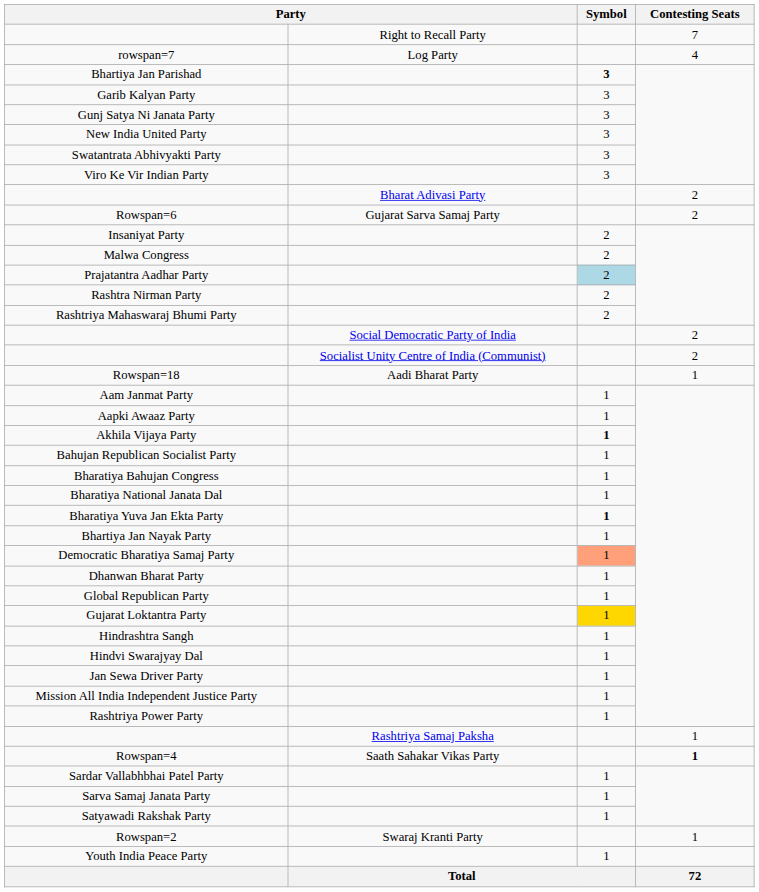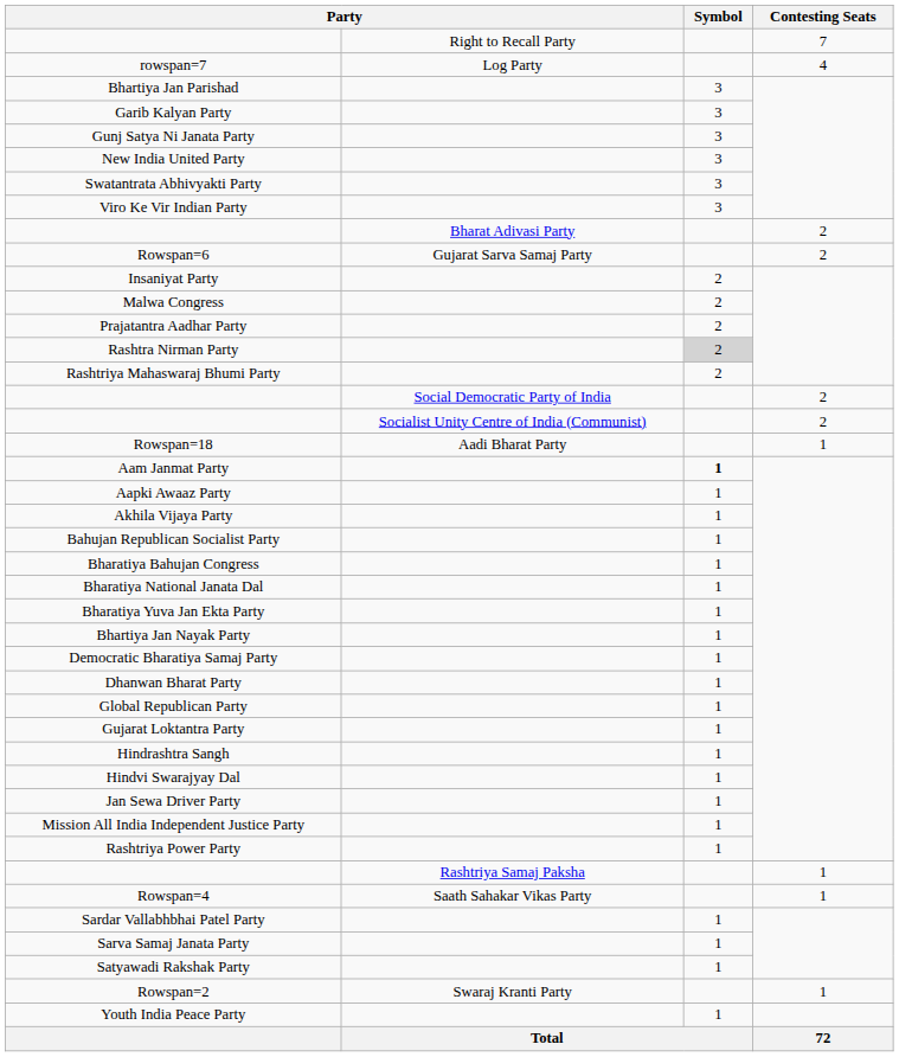 <table class="wikitable " width="60%" style="text-align:center">
 <tr>
 <th colspan="2">Party</th>
 <th>Symbol</th>
 <th>Contesting Seats</th>
 </tr>
 <tr>
 <td></td>
 <td>Right to Recall Party</td>
 <td></td>
 <td>7</td>
 </tr>
 <tr>
 <td>rowspan=7 </td>
 <td>Log Party</td>
 <td></td>
 <td>4</td>
 </tr>
 <tr>
 <td>Bhartiya Jan Parishad</td>
 <td></td>
-<td><strong>3</strong></td>
+<td>3</td>
 </tr>
 <tr>
 <td>Garib Kalyan Party</td>
 <td></td>
 <td>3</td>
 </tr>
 <tr>
 <td>Gunj Satya Ni Janata Party</td>
 <td></td>
 <td>3</td>
 </tr>
 <tr>
 <td>New India United Party</td>
 <td></td>
 <td>3</td>
 </tr>
 <tr>
 <td>Swatantrata Abhivyakti Party</td>
 <td></td>
 <td>3</td>
 </tr>
 <tr>
 <td>Viro Ke Vir Indian Party</td>
 <td></td>
 <td>3</td>
 </tr>
 <tr>
 <td></td>
 <td><a href='#'>Bharat Adivasi Party</a></td>
 <td></td>
 <td>2</td>
 </tr>
 <tr>
 <td>Rowspan=6 </td>
 <td>Gujarat Sarva Samaj Party</td>
 <td></td>
 <td>2</td>
 </tr>
 <tr>
 <td>Insaniyat Party</td>
 <td></td>
 <td>2</td>
 </tr>
 <tr>
 <td>Malwa Congress</td>
 <td></td>
 <td>2</td>
 </tr>
 <tr>
 <td>Prajatantra Aadhar Party</td>
 <td></td>
-<td style="background: lightblue;">2</td>
+<td>2</td>
 </tr>
 <tr>
 <td>Rashtra Nirman Party</td>
 <td></td>
-<td>2</td>
+<td style="background: lightgrey;">2</td>
 </tr>
 <tr>
 <td>Rashtriya Mahaswaraj Bhumi Party</td>
 <td></td>
 <td>2</td>
 </tr>
 <tr>
 <td></td>
 <td><a href='#'>Social Democratic Party of India</a></td>
 <td></td>
 <td>2</td>
 </tr>
 <tr>
 <td></td>
 <td><a href='#'>Socialist Unity Centre of India (Communist)</a></td>
 <td></td>
 <td>2</td>
 </tr>
 <tr>
 <td>Rowspan=18 </td>
 <td>Aadi Bharat Party</td>
 <td></td>
 <td>1</td>
 </tr>
 <tr>
 <td>Aam Janmat Party</td>
 <td></td>
-<td>1</td>
+<td><strong>1</strong></td>
 </tr>
 <tr>
 <td>Aapki Awaaz Party</td>
 <td></td>
 <td>1</td>
 </tr>
 <tr>
 <td>Akhila Vijaya Party</td>
 <td></td>
-<td><strong>1</strong></td>
+<td>1</td>
 </tr>
 <tr>
 <td>Bahujan Republican Socialist Party</td>
 <td></td>
 <td>1</td>
 </tr>
 <tr>
 <td>Bharatiya Bahujan Congress</td>
 <td></td>
 <td>1</td>
 </tr>
 <tr>
 <td>Bharatiya National Janata Dal</td>
 <td></td>
 <td>1</td>
 </tr>
 <tr>
 <td>Bharatiya Yuva Jan Ekta Party</td>
 <td></td>
-<td><strong>1</strong></td>
+<td>1</td>
 </tr>
 <tr>
 <td>Bhartiya Jan Nayak Party</td>
 <td></td>
 <td>1</td>
 </tr>
 <tr>
 <td>Democratic Bharatiya Samaj Party</td>
 <td></td>
-<td style="background: lightsalmon;">1</td>
+<td>1</td>
 </tr>
 <tr>
 <td>Dhanwan Bharat Party</td>
 <td></td>
 <td>1</td>
 </tr>
 <tr>
 <td>Global Republican Party</td>
 <td></td>
 <td>1</td>
 </tr>
 <tr>
 <td>Gujarat Loktantra Party</td>
 <td></td>
-<td style="background: gold;">1</td>
+<td>1</td>
 </tr>
 <tr>
 <td>Hindrashtra Sangh</td>
 <td></td>
 <td>1</td>
 </tr>
 <tr>
 <td>Hindvi Swarajyay Dal</td>
 <td></td>
 <td>1</td>
 </tr>
 <tr>
 <td>Jan Sewa Driver Party</td>
 <td></td>
 <td>1</td>
 </tr>
 <tr>
 <td>Mission All India Independent Justice Party</td>
 <td></td>
 <td>1</td>
 </tr>
 <tr>
 <td>Rashtriya Power Party</td>
 <td></td>
 <td>1</td>
 </tr>
 <tr>
 <td></td>
 <td><a href='#'>Rashtriya Samaj Paksha</a></td>
 <td></td>
 <td>1</td>
 </tr>
 <tr>
 <td>Rowspan=4 </td>
 <td>Saath Sahakar Vikas Party</td>
 <td></td>
-<td><strong>1</strong></td>
+<td>1</td>
 </tr>
 <tr>
 <td>Sardar Vallabhbhai Patel Party</td>
 <td></td>
 <td>1</td>
 </tr>
 <tr>
 <td>Sarva Samaj Janata Party</td>
 <td></td>
 <td>1</td>
 </tr>
 <tr>
 <td>Satyawadi Rakshak Party</td>
 <td></td>
 <td>1</td>
 </tr>
 <tr>
 <td>Rowspan=2 </td>
 <td>Swaraj Kranti Party</td>
 <td></td>
 <td>1</td>
 </tr>
 <tr>
 <td>Youth India Peace Party</td>
 <td></td>
 <td>1</td>
 </tr>
 <tr>
 <th></th>
 <th Colspan=2>Total</th>
 <th>72</th>
 </tr>
 </table>
